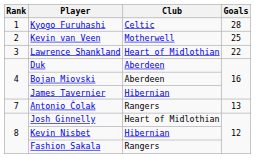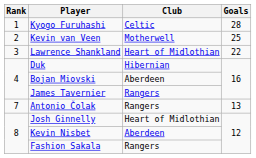 <table class="wikitable" style="text-align:center">
 <tr>
 <th>Rank</th>
 <th>Player</th>
 <th>Club</th>
 <th>Goals</th>
 </tr>
 <tr>
 <td>1</td>
 <td align="left"> <a href='#'>Kyogo Furuhashi</a></td>
 <td align="left"><a href='#'>Celtic</a></td>
 <td>28</td>
 </tr>
 <tr>
 <td>2</td>
 <td align="left"> <a href='#'>Kevin van Veen</a></td>
 <td align="left"><a href='#'>Motherwell</a></td>
 <td>25</td>
 </tr>
 <tr>
 <td>3</td>
 <td align="left"> <a href='#'>Lawrence Shankland</a></td>
 <td align="left"><a href='#'>Heart of Midlothian</a></td>
 <td>22</td>
 </tr>
 <tr>
 <td rowspan="3">4</td>
 <td align="left"> <a href='#'>Duk</a></td>
-<td align="left"><a href='#'>Aberdeen</a></td>
+<td align="left"><a href='#'>Hibernian</a></td>
 <td rowspan="3">16</td>
 </tr>
 <tr>
 <td align="left"> <a href='#'>Bojan Miovski</a></td>
 <td align="left">Aberdeen</td>
 </tr>
 <tr>
 <td align="left"> <a href='#'>James Tavernier</a></td>
-<td align="left"><a href='#'>Hibernian</a></td>
+<td align="left"><a href='#'>Rangers</a></td>
 </tr>
 <tr>
 <td>7</td>
 <td align="left"> <a href='#'>Antonio Čolak</a></td>
 <td align="left">Rangers</td>
 <td>13</td>
 </tr>
 <tr>
 <td rowspan="3">8</td>
 <td align="left"> <a href='#'>Josh Ginnelly</a></td>
 <td align="left">Heart of Midlothian</td>
 <td rowspan="3">12</td>
 </tr>
 <tr>
 <td align="left"> <a href='#'>Kevin Nisbet</a></td>
-<td align="left"><a href='#'>Hibernian</a></td>
+<td align="left"><a href='#'>Aberdeen</a></td>
 </tr>
 <tr>
 <td align="left"> <a href='#'>Fashion Sakala</a></td>
 <td align="left">Rangers</td>
 </tr>
 </table>
